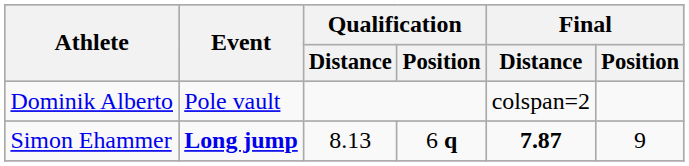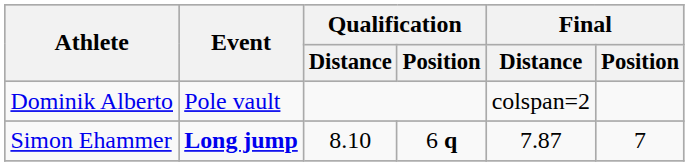 <table class=wikitable style=font-size:90%>
 <tr>
 <th rowspan=2>Athlete</th>
 <th rowspan=2>Event</th>
 <th colspan=2>Qualification</th>
 <th colspan=2>Final</th>
 </tr>
 <tr style=font-size:95%>
 <th>Distance</th>
 <th>Position</th>
 <th>Distance</th>
 <th>Position</th>
 </tr>
 <tr align=center>
 <td align=left><a href='#'>Dominik Alberto</a></td>
 <td align=left><a href='#'>Pole vault</a></td>
 <td colspan=2></td>
 <td>colspan=2 </td>
 </tr>
 <tr align=center>
 <td align=left><a href='#'>Simon Ehammer</a></td>
 <td align=left><strong><a href='#'>Long jump</a></strong></td>
-<td>8.13</td>
+<td>8.10</td>
 <td>6 <strong>q</strong></td>
-<td><strong>7.87</strong></td>
-<td>9</td>
+<td>7.87</td>
+<td>7</td>
 </tr>
 </table>
